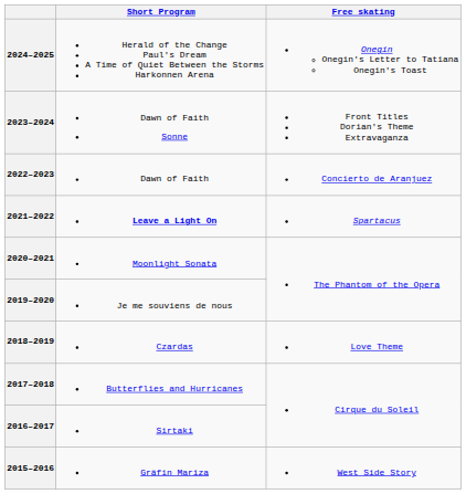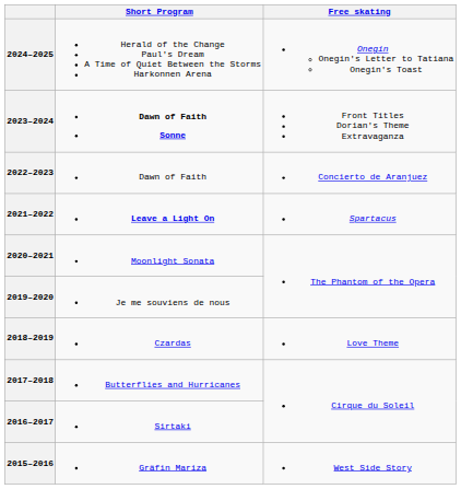 <table class=wikitable style=text-align:center>
 <tr>
 <th></th>
 <th><a href='#'>Short Program</a></th>
 <th><a href='#'>Free skating</a></th>
 </tr>
 <tr>
 <th>2024–2025 <br> </th>
 <td><br><ul><li>Herald of the Change</li><li>Paul's Dream <br> </li><li>A Time of Quiet Between the Storms</li><li>Harkonnen Arena <br> </li></ul></td>
 <td><br><ul><li><em><a href='#'>Onegin</a></em><ul><li>Onegin's Letter to Tatiana</li><li>Onegin's Toast <br> </li></ul></li></ul></td>
 </tr>
 <tr>
 <th>2023–2024 <br> </th>
-<td><br><ul><li>Dawn of Faith <br> </li></ul><ul><li><a href='#'>Sonne</a> <br> </li></ul></td>
+<td><strong><br><ul><li>Dawn of Faith <br> </li></ul><ul><li><a href='#'>Sonne</a> <br> </li></ul></strong></td>
 <td><br><ul><li>Front Titles</li><li>Dorian's Theme</li><li>Extravaganza <br> </li></ul></td>
 </tr>
 <tr>
 <th>2022–2023 <br> </th>
 <td><br><ul><li>Dawn of Faith <br> </li></ul></td>
 <td><br><ul><li><a href='#'>Concierto de Aranjuez</a> <br> </li></ul></td>
 </tr>
 <tr>
 <th>2021–2022 <br></th>
 <td><strong><br><ul><li><a href='#'>Leave a Light On</a> <br> </li></ul></strong></td>
 <td><br><ul><li><em><a href='#'>Spartacus</a></em> <br> </li></ul></td>
 </tr>
 <tr>
 <th>2020–2021 <br></th>
 <td><br><ul><li><a href='#'>Moonlight Sonata</a> <br> </li></ul></td>
 <td rowspan="2"><br><ul><li><a href='#'>The Phantom of the Opera</a></li></ul></td>
 </tr>
 <tr>
 <th>2019–2020 <br> </th>
 <td><br><ul><li>Je me souviens de nous<br></li></ul></td>
 </tr>
 <tr>
 <th>2018–2019 <br></th>
 <td><br><ul><li><a href='#'>Czardas</a> <br></li></ul></td>
 <td><br><ul><li><a href='#'>Love Theme</a> <br></li></ul></td>
 </tr>
 <tr>
 <th>2017–2018<br></th>
 <td><br><ul><li><a href='#'>Butterflies and Hurricanes</a><br></li></ul></td>
 <td rowspan="2"><br><ul><li><a href='#'>Cirque du Soleil</a> <br></li></ul></td>
 </tr>
 <tr>
 <th>2016–2017 <br></th>
 <td><br><ul><li><a href='#'>Sirtaki</a> <br></li></ul></td>
 </tr>
 <tr>
 <th>2015–2016 <br></th>
 <td><br><ul><li><a href='#'>Gräfin Mariza</a> <br></li></ul></td>
 <td><br><ul><li><a href='#'>West Side Story</a> <br></li></ul></td>
 </tr>
 </table>
